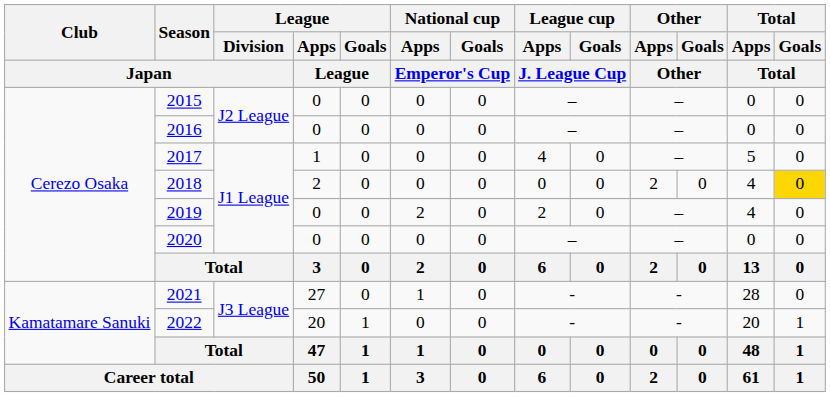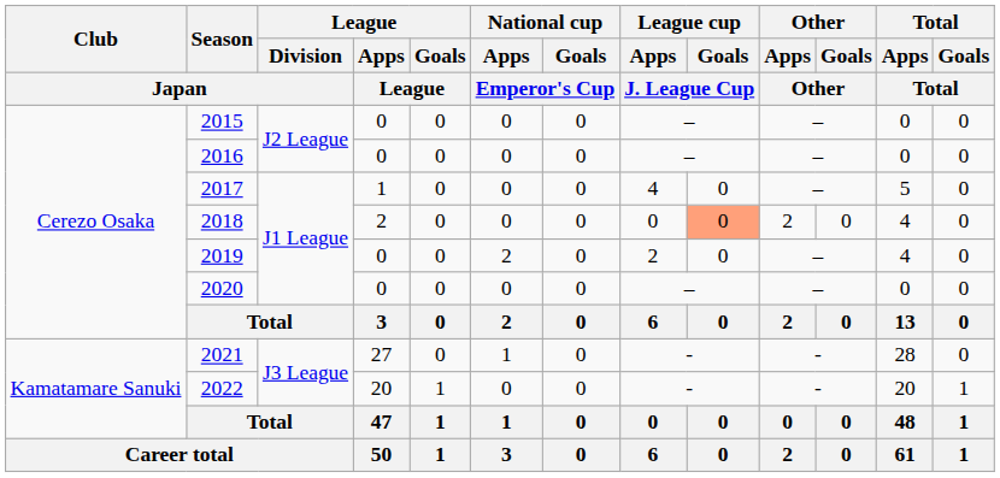 <table class="wikitable" style="text-align:center;">
 <tr>
 <th rowspan=2>Club</th>
 <th rowspan=2>Season</th>
 <th colspan=3>League</th>
 <th colspan=2>National cup</th>
 <th colspan=2>League cup</th>
 <th colspan=2>Other</th>
 <th colspan=2>Total</th>
 </tr>
 <tr>
 <th>Division</th>
 <th>Apps</th>
 <th>Goals</th>
 <th>Apps</th>
 <th>Goals</th>
 <th>Apps</th>
 <th>Goals</th>
 <th>Apps</th>
 <th>Goals</th>
 <th>Apps</th>
 <th>Goals</th>
 </tr>
 <tr>
 <th colspan=3>Japan</th>
 <th colspan=2>League</th>
 <th colspan=2><a href='#'>Emperor's Cup</a></th>
 <th colspan=2><a href='#'>J. League Cup</a></th>
 <th colspan=2>Other</th>
 <th colspan=2>Total</th>
 </tr>
 <tr>
 <td rowspan="7"><a href='#'>Cerezo Osaka</a></td>
 <td><a href='#'>2015</a></td>
 <td rowspan="2"><a href='#'>J2 League</a></td>
 <td>0</td>
 <td>0</td>
 <td>0</td>
 <td>0</td>
 <td colspan="2">–</td>
 <td colspan="2">–</td>
 <td>0</td>
 <td>0</td>
 </tr>
 <tr>
 <td><a href='#'>2016</a></td>
 <td>0</td>
 <td>0</td>
 <td>0</td>
 <td>0</td>
 <td colspan="2">–</td>
 <td colspan="2">–</td>
 <td>0</td>
 <td>0</td>
 </tr>
 <tr>
 <td><a href='#'>2017</a></td>
 <td rowspan="4"><a href='#'>J1 League</a></td>
 <td>1</td>
 <td>0</td>
 <td>0</td>
 <td>0</td>
 <td>4</td>
 <td>0</td>
 <td colspan="2">–</td>
 <td>5</td>
 <td>0</td>
 </tr>
 <tr>
 <td><a href='#'>2018</a></td>
 <td>2</td>
 <td>0</td>
 <td>0</td>
 <td>0</td>
 <td>0</td>
-<td>0</td>
+<td style="background: lightsalmon;">0</td>
 <td>2</td>
 <td>0</td>
 <td>4</td>
-<td style="background: gold;">0</td>
+<td>0</td>
 </tr>
 <tr>
 <td><a href='#'>2019</a></td>
 <td>0</td>
 <td>0</td>
 <td>2</td>
 <td>0</td>
 <td>2</td>
 <td>0</td>
 <td colspan="2">–</td>
 <td>4</td>
 <td>0</td>
 </tr>
 <tr>
 <td><a href='#'>2020</a></td>
 <td>0</td>
 <td>0</td>
 <td>0</td>
 <td>0</td>
 <td colspan="2">–</td>
 <td colspan="2">–</td>
 <td>0</td>
 <td>0</td>
 </tr>
 <tr>
 <th colspan="2">Total</th>
 <th>3</th>
 <th>0</th>
 <th>2</th>
 <th>0</th>
 <th>6</th>
 <th>0</th>
 <th>2</th>
 <th>0</th>
 <th>13</th>
 <th>0</th>
 </tr>
 <tr>
 <td rowspan="3"><a href='#'>Kamatamare Sanuki</a></td>
 <td><a href='#'>2021</a></td>
 <td rowspan="2"><a href='#'>J3 League</a></td>
 <td>27</td>
 <td>0</td>
 <td>1</td>
 <td>0</td>
 <td colspan="2">-</td>
 <td colspan="2">-</td>
 <td>28</td>
 <td>0</td>
 </tr>
 <tr>
 <td><a href='#'>2022</a></td>
 <td>20</td>
 <td>1</td>
 <td>0</td>
 <td>0</td>
 <td colspan="2">-</td>
 <td colspan="2">-</td>
 <td>20</td>
 <td>1</td>
 </tr>
 <tr>
 <th colspan="2">Total</th>
 <th>47</th>
 <th>1</th>
 <th>1</th>
 <th>0</th>
 <th>0</th>
 <th>0</th>
 <th>0</th>
 <th>0</th>
 <th>48</th>
 <th>1</th>
 </tr>
 <tr>
 <th colspan=3>Career total</th>
 <th>50</th>
 <th>1</th>
 <th>3</th>
 <th>0</th>
 <th>6</th>
 <th>0</th>
 <th>2</th>
 <th>0</th>
 <th>61</th>
 <th>1</th>
 </tr>
 </table>
